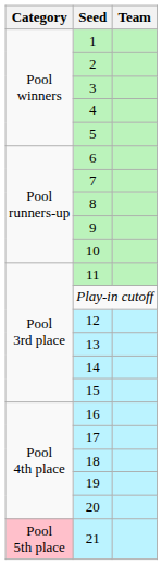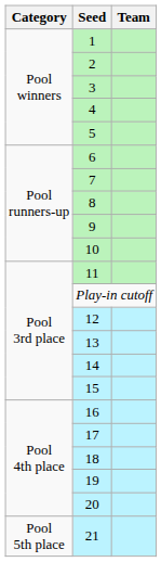 <table class="wikitable" style="float:right;text-align:center;font-size: 90%;">
 <tr>
 <th>Category</th>
 <th>Seed</th>
 <th>Team</th>
 </tr>
 <tr>
 <td rowspan="5">Pool<br>winners</td>
 <td style="background-color:#BBF3BB;">1</td>
 <td style="text-align:left;background-color:#BBF3BB;"></td>
 </tr>
 <tr style="background-color:#BBF3BB;">
 <td>2</td>
 <td style="text-align:left"></td>
 </tr>
 <tr style="background-color:#BBF3BB;">
 <td>3</td>
 <td style="text-align:left"></td>
 </tr>
 <tr style="background-color:#BBF3BB;">
 <td>4</td>
 <td style="text-align:left"></td>
 </tr>
 <tr style="background-color:#BBF3BB;">
 <td>5</td>
 <td style="text-align:left"></td>
 </tr>
 <tr>
 <td rowspan="5">Pool<br>runners-up</td>
 <td style="background-color:#BBF3BB;">6</td>
 <td style="text-align:left;background-color:#BBF3BB;"></td>
 </tr>
 <tr style="background-color:#BBF3BB;">
 <td>7</td>
 <td style="text-align:left"></td>
 </tr>
 <tr style="background-color:#BBF3BB;">
 <td>8</td>
 <td style="text-align:left"></td>
 </tr>
 <tr style="background-color:#BBF3BB;">
 <td>9</td>
 <td style="text-align:left"></td>
 </tr>
 <tr style="background-color:#BBF3BB;">
 <td>10</td>
 <td style="text-align:left"></td>
 </tr>
 <tr>
 <td rowspan="6">Pool<br>3rd place</td>
 <td style="background-color:#BBF3BB;">11</td>
 <td style="text-align:left;background-color:#BBF3BB;"></td>
 </tr>
 <tr>
 <td colspan="2"><em>Play-in cutoff</em></td>
 </tr>
 <tr style="background-color:#BBF3FF;">
 <td>12</td>
 <td style="text-align:left"></td>
 </tr>
 <tr style="background-color:#BBF3FF;">
 <td>13</td>
 <td style="text-align:left"></td>
 </tr>
 <tr style="background-color:#BBF3FF;">
 <td>14</td>
 <td style="text-align:left"></td>
 </tr>
 <tr style="background-color:#BBF3FF;">
 <td>15</td>
 <td style="text-align:left"></td>
 </tr>
 <tr>
 <td rowspan="5">Pool<br>4th place</td>
 <td style="background-color:#BBF3FF;">16</td>
 <td style="text-align:left;background-color:#BBF3FF;"></td>
 </tr>
 <tr style="background-color:#BBF3FF;">
 <td>17</td>
 <td style="text-align:left"></td>
 </tr>
 <tr style="background-color:#BBF3FF;">
 <td>18</td>
 <td style="text-align:left"></td>
 </tr>
 <tr style="background-color:#BBF3FF;">
 <td>19</td>
 <td style="text-align:left"></td>
 </tr>
 <tr style="background-color:#BBF3FF;">
 <td>20</td>
 <td style="text-align:left"></td>
 </tr>
 <tr>
-<td style="background: pink;">Pool<br>5th place</td>
+<td>Pool<br>5th place</td>
 <td style="background-color:#BBF3FF;">21</td>
 <td style="text-align:left;background-color:#BBF3FF;"></td>
 </tr>
 </table>
